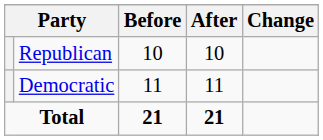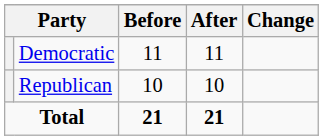 <table class="wikitable" style="text-align:center;">
 <tr>
 </tr>
 <tr>
 <th colspan=2>Party</th>
 <th>Before</th>
 <th>After</th>
 <th>Change</th>
 </tr>
 <tr>
 <th style="background-color:"></th>
-<td style="text-align:left;"><a href='#'>Republican</a></td>
-<td>10</td>
-<td>10</td>
+<td style="text-align:left;"><a href='#'>Democratic</a></td>
+<td>11</td>
+<td>11</td>
 <td></td>
 </tr>
 <tr>
 <th style="background-color:"></th>
-<td style="text-align:left;"><a href='#'>Democratic</a></td>
-<td>11</td>
-<td>11</td>
+<td style="text-align:left;"><a href='#'>Republican</a></td>
+<td>10</td>
+<td>10</td>
 <td></td>
 </tr>
 <tr>
 <td colspan=2><strong>Total</strong></td>
 <td><strong>21</strong></td>
 <td><strong>21</strong></td>
 <td></td>
 </tr>
 </table>
